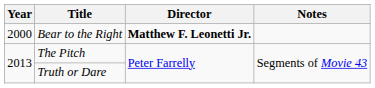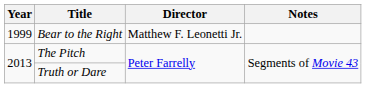 <table class="wikitable">
 <tr>
 <th>Year</th>
 <th>Title</th>
 <th>Director</th>
 <th>Notes</th>
 </tr>
 <tr>
-<td>2000</td>
+<td>1999</td>
 <td><em>Bear to the Right</em></td>
-<td><strong>Matthew F. Leonetti Jr.</strong></td>
+<td>Matthew F. Leonetti Jr.</td>
 <td></td>
 </tr>
 <tr>
 <td rowspan=2>2013</td>
 <td><em>The Pitch</em></td>
 <td rowspan=2><a href='#'>Peter Farrelly</a></td>
 <td rowspan=2>Segments of <em><a href='#'>Movie 43</a></em></td>
 </tr>
 <tr>
 <td><em>Truth or Dare</em></td>
 </tr>
 </table>
